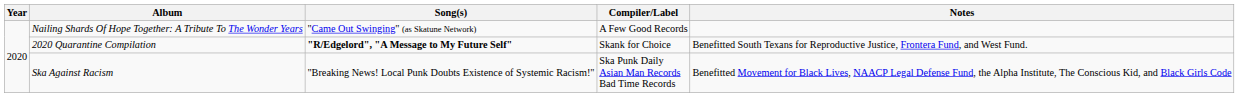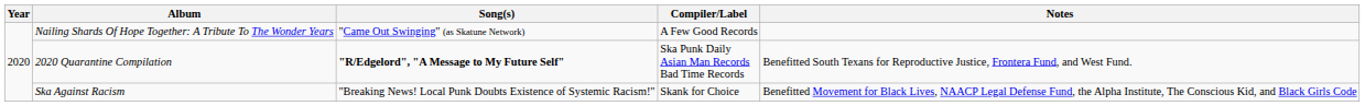 <table class="wikitable">
 <tr>
 <th>Year</th>
 <th>Album</th>
 <th>Song(s)</th>
 <th>Compiler/Label</th>
 <th>Notes</th>
 </tr>
 <tr>
 <td rowspan="3">2020</td>
 <td><em>Nailing Shards Of Hope Together: A Tribute To <a href='#'>The Wonder Years</a></em></td>
 <td>"<a href='#'>Came Out Swinging</a>" <small>(as Skatune Network)</small></td>
 <td>A Few Good Records</td>
 <td></td>
 </tr>
 <tr>
 <td><em>2020 Quarantine Compilation</em></td>
 <td><strong>"R/Edgelord", "A Message to My Future Self"</strong></td>
-<td>Skank for Choice</td>
+<td>Ska Punk Daily<br><a href='#'>Asian Man Records</a><br>Bad Time Records</td>
 <td>Benefitted South Texans for Reproductive Justice, <a href='#'>Frontera Fund</a>, and West Fund.</td>
 </tr>
 <tr>
 <td><em>Ska Against Racism</em></td>
 <td>"Breaking News! Local Punk Doubts Existence of Systemic Racism!"</td>
-<td>Ska Punk Daily<br><a href='#'>Asian Man Records</a><br>Bad Time Records</td>
+<td>Skank for Choice</td>
 <td>Benefitted <a href='#'>Movement for Black Lives</a>, <a href='#'>NAACP Legal Defense Fund</a>, the Alpha Institute, The Conscious Kid, and <a href='#'>Black Girls Code</a></td>
 </tr>
 </table>
